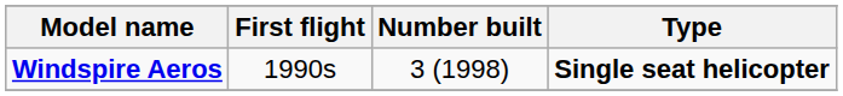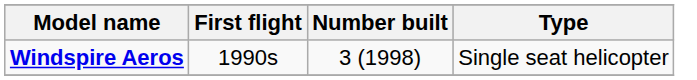 <table class="wikitable" align=center style="font-size:90%;">
 <tr>
 </tr>
 <tr style="background:#efefef;">
 <th>Model name</th>
 <th>First flight</th>
 <th>Number built</th>
 <th>Type</th>
 </tr>
 <tr>
 <td align=left><strong><a href='#'>Windspire Aeros</a></strong></td>
 <td align=center>1990s</td>
 <td align=center>3 (1998)</td>
-<td align=left><strong>Single seat helicopter</strong></td>
+<td align=left>Single seat helicopter</td>
 </tr>
 <tr>
 </tr>
 </table>
